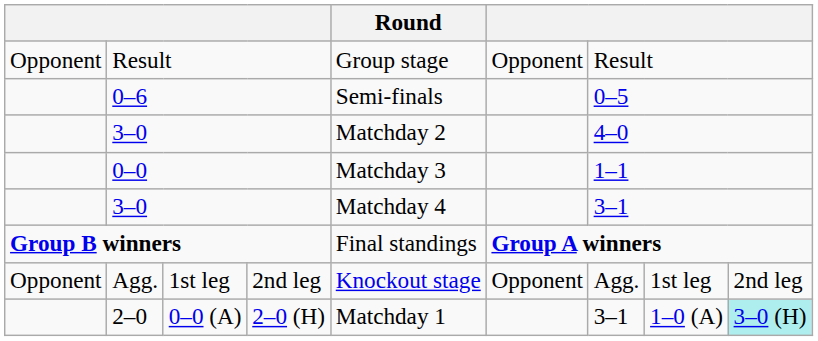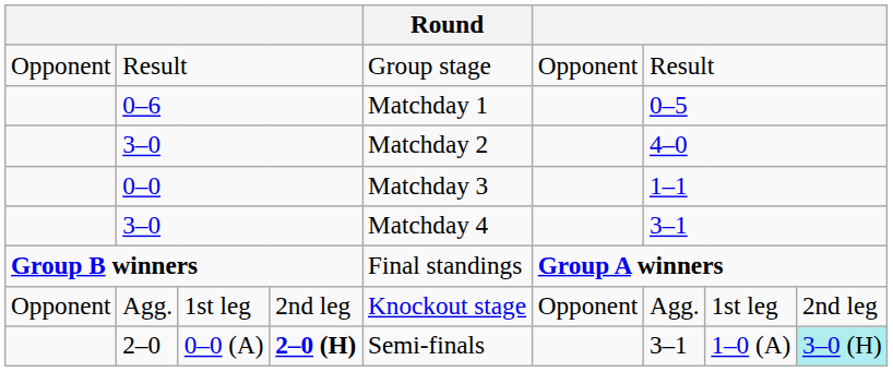 <table class="wikitable">
 <tr>
 <th colspan="4"></th>
 <th>Round</th>
 <th colspan="4"></th>
 </tr>
 <tr>
 <td>Opponent</td>
 <td colspan="3">Result</td>
 <td>Group stage</td>
 <td>Opponent</td>
 <td colspan="3">Result</td>
 </tr>
 <tr>
 <td align="left"></td>
 <td colspan="3"><a href='#'>0–6</a></td>
-<td>Semi-finals</td>
+<td>Matchday 1</td>
 <td align="left"></td>
 <td colspan="3"><a href='#'>0–5</a></td>
 </tr>
 <tr>
 <td align="left"></td>
 <td colspan="3"><a href='#'>3–0</a></td>
 <td>Matchday 2</td>
 <td align="left"></td>
 <td colspan="3"><a href='#'>4–0</a></td>
 </tr>
 <tr>
 <td align="left"></td>
 <td colspan="3"><a href='#'>0–0</a></td>
 <td>Matchday 3</td>
 <td align="left"></td>
 <td colspan="3"><a href='#'>1–1</a></td>
 </tr>
 <tr>
 <td align="left"></td>
 <td colspan="3"><a href='#'>3–0</a></td>
 <td>Matchday 4</td>
 <td align="left"></td>
 <td colspan="3"><a href='#'>3–1</a></td>
 </tr>
 <tr>
 <td colspan="4"><strong><a href='#'>Group B</a> winners</strong><div></div></td>
 <td>Final standings</td>
 <td colspan="4"><strong><a href='#'>Group A</a> winners</strong><div></div></td>
 </tr>
 <tr>
 <td>Opponent</td>
 <td>Agg.</td>
 <td>1st leg</td>
 <td>2nd leg</td>
 <td><a href='#'>Knockout stage</a></td>
 <td>Opponent</td>
 <td>Agg.</td>
 <td>1st leg</td>
 <td>2nd leg</td>
 </tr>
 <tr>
 <td align="left"></td>
 <td>2–0</td>
 <td><a href='#'>0–0</a> (A)</td>
-<td><a href='#'>2–0</a>  (H)</td>
-<td>Matchday 1</td>
+<td><strong><a href='#'>2–0</a>  (H)</strong></td>
+<td>Semi-finals</td>
 <td align="left"></td>
 <td>3–1</td>
 <td><a href='#'>1–0</a> (A)</td>
 <td style="background: paleturquoise;"><a href='#'>3–0</a>  (H)</td>
 </tr>
 </table>
